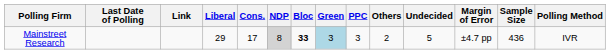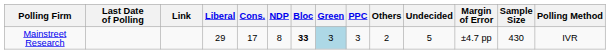 <table class="wikitable sortable" style="text-align:center;font-size:90%;line-height:14px;">
 <tr style="background:#e9e9e9;">
 <th style="width:120px">Polling Firm</th>
 <th style="width:110px">Last Date<br>of Polling</th>
 <th style="width:60px" class="unsortable">Link</th>
 <th style="background-color:"><a href='#'>Liberal</a></th>
 <th style="background-color:"><a href='#'>Cons.</a></th>
 <th style="background-color:"><a href='#'>NDP</a></th>
 <th style="background-color:"><a href='#'>Bloc</a></th>
 <th style="background-color:"><a href='#'>Green</a></th>
 <th style="background-color:"><a href='#'><span>PPC</span></a></th>
 <th style="background-color:">Others</th>
 <th style="background-color:">Undecided</th>
 <th style="width:60px;" class=unsortable>Margin<br>of Error</th>
 <th style="width:50px;" class=unsortable>Sample<br>Size</th>
 <th class=unsortable>Polling Method</th>
 </tr>
 <tr>
 <td><a href='#'>Mainstreet Research</a></td>
 <td></td>
 <td></td>
 <td>29</td>
 <td>17</td>
-<td style="background: lightgrey;">8</td>
+<td>8</td>
 <td style="background-color:"><strong>33</strong></td>
 <td style="background: lightblue;">3</td>
 <td>3</td>
 <td>2</td>
 <td>5</td>
 <td>±4.7 pp</td>
-<td>436</td>
+<td>430</td>
 <td>IVR</td>
 </tr>
 </table>
